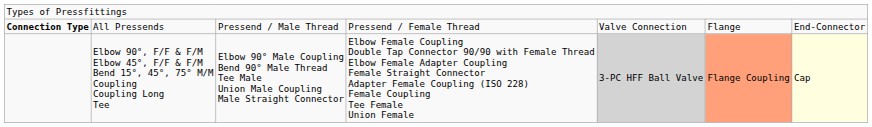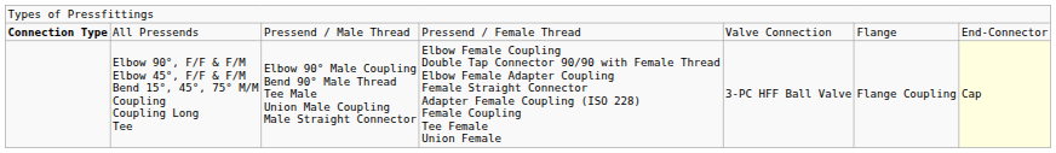 <table class="wikitable mw-collapsed">
 <tr>
 <td colspan="7">Types of Pressfittings </td>
 </tr>
 <tr>
 <td><strong>Connection Type</strong></td>
 <td>All Pressends</td>
 <td>Pressend / Male Thread</td>
 <td>Pressend / Female Thread</td>
 <td>Valve Connection</td>
 <td>Flange</td>
 <td>End-Connector</td>
 </tr>
 <tr>
 <td></td>
 <td>Elbow 90°, F/F & F/M<br>Elbow 45°, F/F & F/M<br>Bend 15°, 45°, 75° M/M<br>Coupling<br>Coupling Long<br>Tee</td>
 <td>Elbow 90° Male Coupling<br>Bend 90° Male Thread<br>Tee Male<br>Union Male Coupling<br>Male Straight Connector</td>
 <td>Elbow  Female Coupling<br>Double Tap Connector 90/90 with Female Thread<br>Elbow  Female Adapter Coupling<br>Female Straight Connector<br>Adapter Female Coupling (ISO 228)<br>Female Coupling<br>Tee Female<br>Union Female</td>
-<td style="background: lightgrey;">3-PC HFF Ball Valve</td>
-<td style="background: lightsalmon;">Flange Coupling</td>
+<td>3-PC HFF Ball Valve</td>
+<td>Flange Coupling</td>
 <td style="background: lightyellow;">Cap</td>
 </tr>
 </table>
